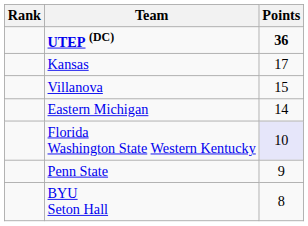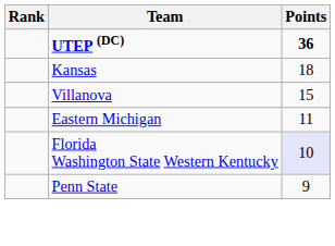 <table class="wikitable sortable" style="text-align:center">
 <tr>
 <th>Rank</th>
 <th>Team</th>
 <th>Points</th>
 </tr>
 <tr>
 <td></td>
 <td align="left"><strong><a href='#'>UTEP</a></strong> <sup><strong>(DC)</strong></sup></td>
 <td><strong>36</strong></td>
 </tr>
 <tr>
 <td></td>
 <td align="left"><a href='#'>Kansas</a></td>
-<td>17</td>
+<td>18</td>
 </tr>
 <tr>
 <td></td>
 <td align="left"><a href='#'>Villanova</a></td>
 <td>15</td>
 </tr>
 <tr>
 <td></td>
 <td align="left"><a href='#'>Eastern Michigan</a></td>
-<td>14</td>
+<td>11</td>
 </tr>
 <tr>
 <td></td>
 <td align="left"><a href='#'>Florida</a><br><a href='#'>Washington State</a> <a href='#'>Western Kentucky</a></td>
 <td style="background: lavender;">10</td>
 </tr>
 <tr>
 <td></td>
 <td align="left"><a href='#'>Penn State</a></td>
 <td>9</td>
 </tr>
-<tr>
-<td></td>
-<td align="left"><a href='#'>BYU</a><br><a href='#'>Seton Hall</a></td>
-<td>8</td>
-</tr>
 </table>
